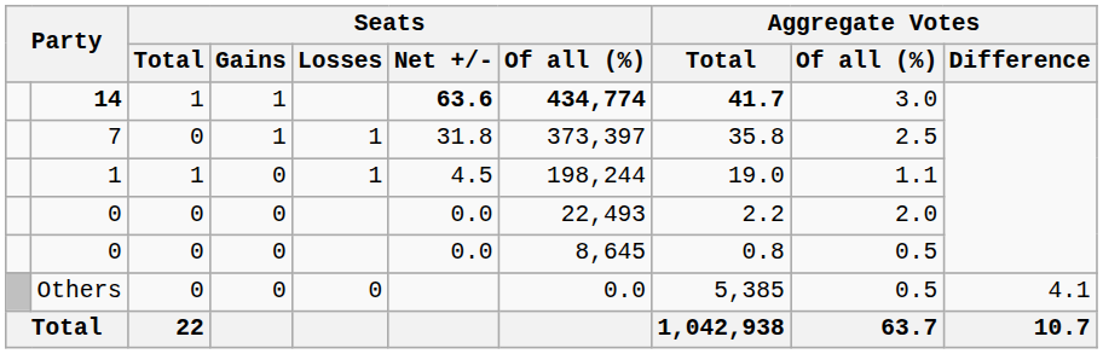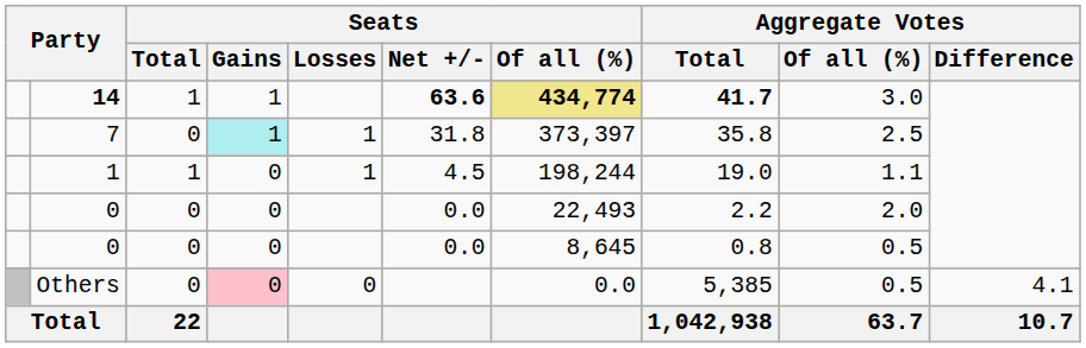 <table class="wikitable sortable" style="text-align:right; font-size:95%;">
 <tr>
 <th colspan="2" rowspan="2">Party</th>
 <th colspan="5">Seats</th>
 <th colspan="3">Aggregate Votes</th>
 </tr>
 <tr>
 <th>Total</th>
 <th>Gains</th>
 <th>Losses</th>
 <th>Net +/-</th>
 <th>Of all (%)</th>
 <th>Total</th>
 <th>Of all (%)</th>
 <th>Difference</th>
 </tr>
 <tr>
 <td></td>
 <td><strong>14</strong></td>
 <td>1</td>
 <td>1</td>
 <td></td>
 <td><strong>63.6</strong></td>
-<td><strong>434,774</strong></td>
+<td style="background: khaki;"><strong>434,774</strong></td>
 <td><strong>41.7</strong></td>
 <td>3.0</td>
 </tr>
 <tr>
 <td></td>
 <td>7</td>
 <td>0</td>
-<td>1</td>
+<td style="background: paleturquoise;">1</td>
 <td>1</td>
 <td>31.8</td>
 <td>373,397</td>
 <td>35.8</td>
 <td>2.5</td>
 </tr>
 <tr>
 <td></td>
 <td>1</td>
 <td>1</td>
 <td>0</td>
 <td>1</td>
 <td>4.5</td>
 <td>198,244</td>
 <td>19.0</td>
 <td>1.1</td>
 </tr>
 <tr>
 <td></td>
 <td>0</td>
 <td>0</td>
 <td>0</td>
 <td></td>
 <td>0.0</td>
 <td>22,493</td>
 <td>2.2</td>
 <td>2.0</td>
 </tr>
 <tr>
 <td></td>
 <td>0</td>
 <td>0</td>
 <td>0</td>
 <td></td>
 <td>0.0</td>
 <td>8,645</td>
 <td>0.8</td>
 <td>0.5</td>
 </tr>
 <tr>
 <td style="background:silver;"> </td>
 <td align=left>Others</td>
 <td>0</td>
-<td>0</td>
+<td style="background: pink;">0</td>
 <td>0</td>
 <td></td>
 <td>0.0</td>
 <td>5,385</td>
 <td>0.5</td>
 <td>4.1</td>
 </tr>
 <tr class="sortbottom">
 <th colspan="2" style="background:#f2f2f2"><strong>Total</strong></th>
 <td style="background:#f2f2f2;"><strong>22</strong></td>
 <td style="background:#f2f2f2;"></td>
 <td style="background:#f2f2f2;"></td>
 <td style="background:#f2f2f2;"></td>
 <td style="background:#f2f2f2;"></td>
 <td style="background:#f2f2f2;"><strong>1,042,938</strong></td>
 <td style="background:#f2f2f2;"><strong>63.7</strong></td>
 <td style="background:#f2f2f2;"><strong>10.7</strong></td>
 </tr>
 </table>
